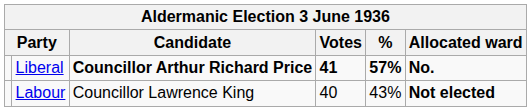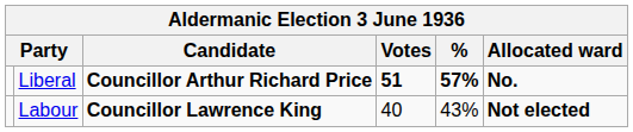 <table class="wikitable">
 <tr>
 <th colspan="6"><strong>Aldermanic Election 3 June 1936</strong></th>
 </tr>
 <tr>
 <th colspan="2">Party</th>
 <th>Candidate</th>
 <th>Votes</th>
 <th>%</th>
 <th>Allocated ward</th>
 </tr>
 <tr>
 <td style="background-color:"></td>
 <td><a href='#'>Liberal</a></td>
 <td><strong>Councillor Arthur Richard Price</strong></td>
-<td><strong>41</strong></td>
+<td><strong>51</strong></td>
 <td><strong>57%</strong></td>
 <td><strong>No. </strong></td>
 </tr>
 <tr>
 <td style="background-color:"></td>
 <td><a href='#'>Labour</a></td>
-<td>Councillor Lawrence King</td>
+<td><strong>Councillor Lawrence King</strong></td>
 <td>40</td>
 <td>43%</td>
 <td><strong>Not elected</strong></td>
 </tr>
 <tr>
 </tr>
 </table>
